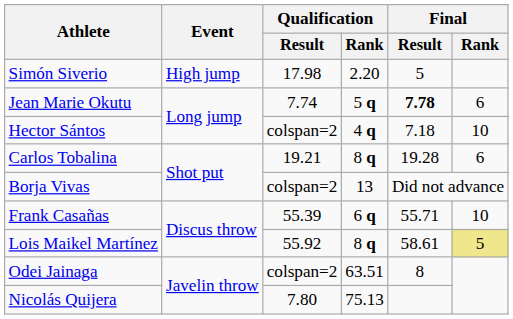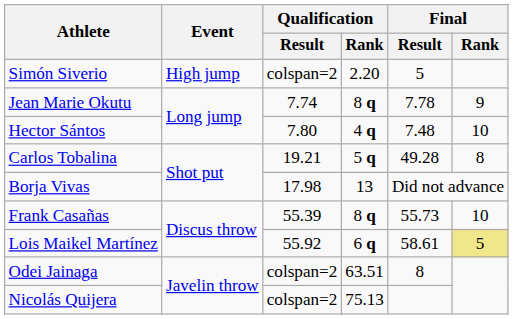 <table class=wikitable style="font-size:90%">
 <tr>
 <th rowspan="2">Athlete</th>
 <th rowspan="2">Event</th>
 <th colspan="2">Qualification</th>
 <th colspan="2">Final</th>
 </tr>
 <tr style="font-size:95%">
 <th>Result</th>
 <th>Rank</th>
 <th>Result</th>
 <th>Rank</th>
 </tr>
 <tr align=center>
 <td align=left><a href='#'>Simón Siverio</a></td>
 <td align=left><a href='#'>High jump</a></td>
-<td>17.98</td>
+<td>colspan=2 </td>
 <td>2.20</td>
 <td>5</td>
 </tr>
 <tr align=center>
 <td align=left><a href='#'>Jean Marie Okutu</a></td>
 <td align=left rowspan=2><a href='#'>Long jump</a></td>
 <td>7.74</td>
-<td>5 <strong>q</strong></td>
-<td><strong>7.78</strong></td>
-<td>6</td>
+<td>8 <strong>q</strong></td>
+<td>7.78</td>
+<td>9</td>
 </tr>
 <tr align=center>
 <td align=left><a href='#'>Hector Sántos</a></td>
-<td>colspan=2 </td>
+<td>7.80</td>
 <td>4 <strong>q</strong></td>
-<td>7.18</td>
+<td>7.48</td>
 <td>10</td>
 </tr>
 <tr align=center>
 <td align=left><a href='#'>Carlos Tobalina</a></td>
 <td align=left rowspan=2><a href='#'>Shot put</a></td>
 <td>19.21</td>
-<td>8 <strong>q</strong></td>
-<td>19.28</td>
-<td>6</td>
+<td>5 <strong>q</strong></td>
+<td>49.28</td>
+<td>8</td>
 </tr>
 <tr align=center>
 <td align=left><a href='#'>Borja Vivas</a></td>
-<td>colspan=2 </td>
+<td>17.98</td>
 <td>13</td>
 <td colspan=2>Did not advance</td>
 </tr>
 <tr align=center>
 <td align=left><a href='#'>Frank Casañas</a></td>
 <td align=left rowspan=2><a href='#'>Discus throw</a></td>
 <td>55.39</td>
-<td>6 <strong>q</strong></td>
-<td>55.71</td>
+<td>8 <strong>q</strong></td>
+<td>55.73</td>
 <td>10</td>
 </tr>
 <tr align=center>
 <td align=left><a href='#'>Lois Maikel Martínez</a></td>
 <td>55.92</td>
-<td>8 <strong>q</strong></td>
+<td>6 <strong>q</strong></td>
 <td>58.61</td>
 <td style="background: khaki;">5</td>
 </tr>
 <tr align=center>
 <td align=left><a href='#'>Odei Jainaga</a></td>
 <td align=left rowspan=2><a href='#'>Javelin throw</a></td>
 <td>colspan=2 </td>
 <td>63.51</td>
 <td>8</td>
 </tr>
 <tr align=center>
 <td align=left><a href='#'>Nicolás Quijera</a></td>
-<td>7.80</td>
+<td>colspan=2 </td>
 <td>75.13</td>
 <td></td>
 </tr>
 </table>
